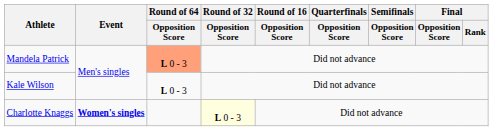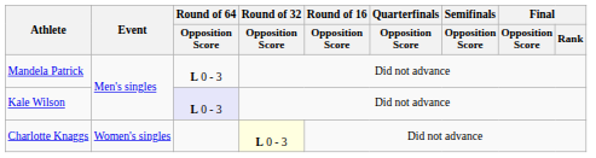 <table class=wikitable style="font-size:90%">
 <tr>
 <th rowspan=2>Athlete</th>
 <th rowspan=2>Event</th>
 <th>Round of 64</th>
 <th>Round of 32</th>
 <th>Round of 16</th>
 <th>Quarterfinals</th>
 <th>Semifinals</th>
 <th colspan=2>Final</th>
 </tr>
 <tr style="font-size:95%">
 <th>Opposition<br>Score</th>
 <th>Opposition<br>Score</th>
 <th>Opposition<br>Score</th>
 <th>Opposition<br>Score</th>
 <th>Opposition<br>Score</th>
 <th>Opposition<br>Score</th>
 <th>Rank</th>
 </tr>
 <tr align=center>
 <td align=left><a href='#'>Mandela Patrick</a></td>
 <td align=left rowspan=2><a href='#'>Men's singles</a></td>
-<td style="background: lightsalmon;"><br><strong>L</strong> 0 - 3</td>
+<td><br><strong>L</strong> 0 - 3</td>
 <td colspan=6>Did not advance</td>
 </tr>
 <tr align=center>
 <td align=left><a href='#'>Kale Wilson</a></td>
-<td><br><strong>L</strong> 0 - 3</td>
+<td style="background: lavender;"><br><strong>L</strong> 0 - 3</td>
 <td colspan=6>Did not advance</td>
 </tr>
 <tr align=center>
 <td align=left><a href='#'>Charlotte Knaggs</a></td>
-<td align=left><strong><a href='#'>Women's singles</a></strong></td>
+<td align=left><a href='#'>Women's singles</a></td>
 <td></td>
 <td style="background: lightyellow;"><br><strong>L</strong> 0 - 3</td>
 <td colspan=5>Did not advance</td>
 </tr>
 </table>
